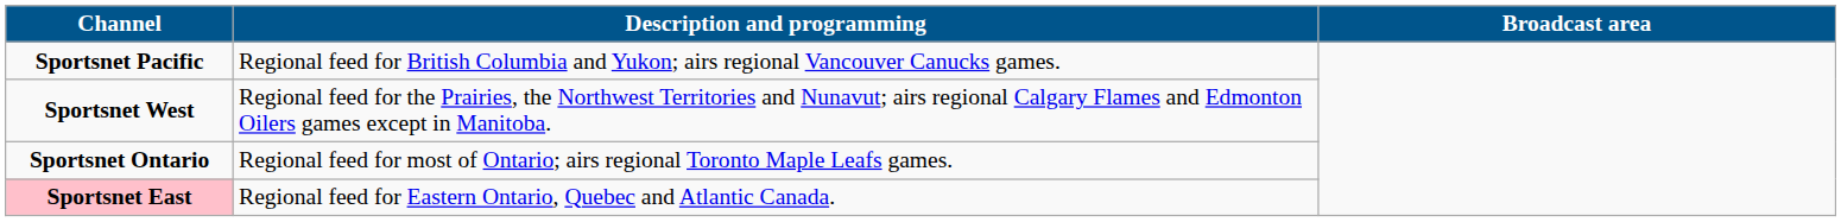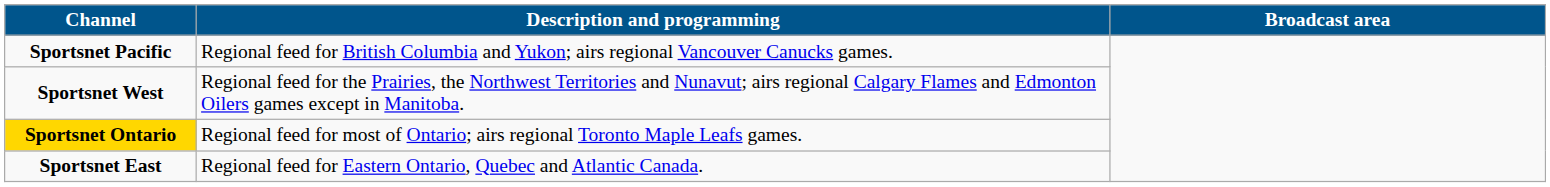 <table class="wikitable" style="width:100%">
 <tr>
 <th style="background:#00558c; color:white">Channel</th>
 <th style="background:#00558c; color:white">Description and programming</th>
 <th style="background:#00558c; color:white">Broadcast area</th>
 </tr>
 <tr>
 <td style="text-align:center; width:150px;"><strong>Sportsnet Pacific</strong></td>
 <td>Regional feed for <a href='#'>British Columbia</a> and <a href='#'>Yukon</a>; airs regional <a href='#'>Vancouver Canucks</a> games.</td>
 <td rowspan="4"  style="text-align:center; width:350px;"><br></td>
 </tr>
 <tr>
 <td style="text-align:center; width:150px;"><strong>Sportsnet West</strong></td>
 <td>Regional feed for the <a href='#'>Prairies</a>, the <a href='#'>Northwest Territories</a> and <a href='#'>Nunavut</a>; airs regional <a href='#'>Calgary Flames</a> and <a href='#'>Edmonton Oilers</a> games except in <a href='#'>Manitoba</a>.</td>
 </tr>
 <tr>
-<td style="text-align:center; width:150px;"><strong>Sportsnet Ontario</strong></td>
+<td style="background: gold; text-align:center; width:150px;"><strong>Sportsnet Ontario</strong></td>
 <td>Regional feed for most of <a href='#'>Ontario</a>; airs regional <a href='#'>Toronto Maple Leafs</a> games.</td>
 </tr>
 <tr>
-<td style="background: pink; text-align:center; width:150px;"><strong>Sportsnet East</strong></td>
+<td style="text-align:center; width:150px;"><strong>Sportsnet East</strong></td>
 <td>Regional feed for <a href='#'>Eastern Ontario</a>, <a href='#'>Quebec</a> and <a href='#'>Atlantic Canada</a>.</td>
 </tr>
 </table>
